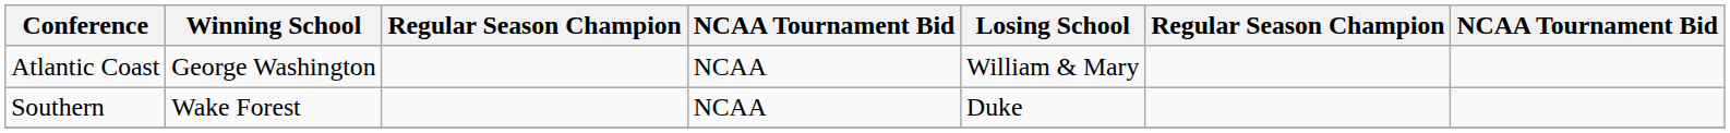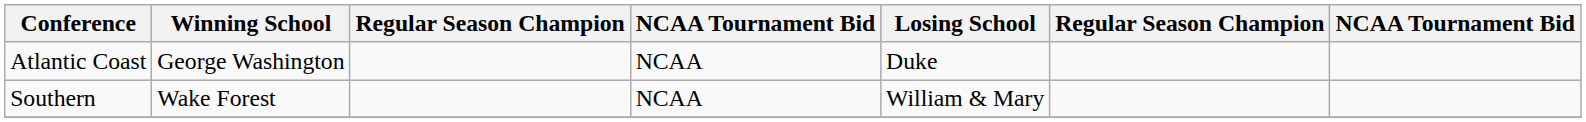 <table class="wikitable">
 <tr>
 <th>Conference</th>
 <th>Winning School</th>
 <th>Regular Season Champion</th>
 <th>NCAA Tournament Bid</th>
 <th>Losing School</th>
 <th>Regular Season Champion</th>
 <th>NCAA Tournament Bid</th>
 </tr>
 <tr>
 <td>Atlantic Coast</td>
 <td>George Washington</td>
 <td></td>
 <td>NCAA</td>
-<td>William & Mary</td>
+<td>Duke</td>
 <td></td>
 <td></td>
 </tr>
 <tr>
 <td>Southern</td>
 <td>Wake Forest</td>
 <td></td>
 <td>NCAA</td>
-<td>Duke</td>
+<td>William & Mary</td>
 <td></td>
 <td></td>
 </tr>
 <tr>
 </tr>
 </table>
